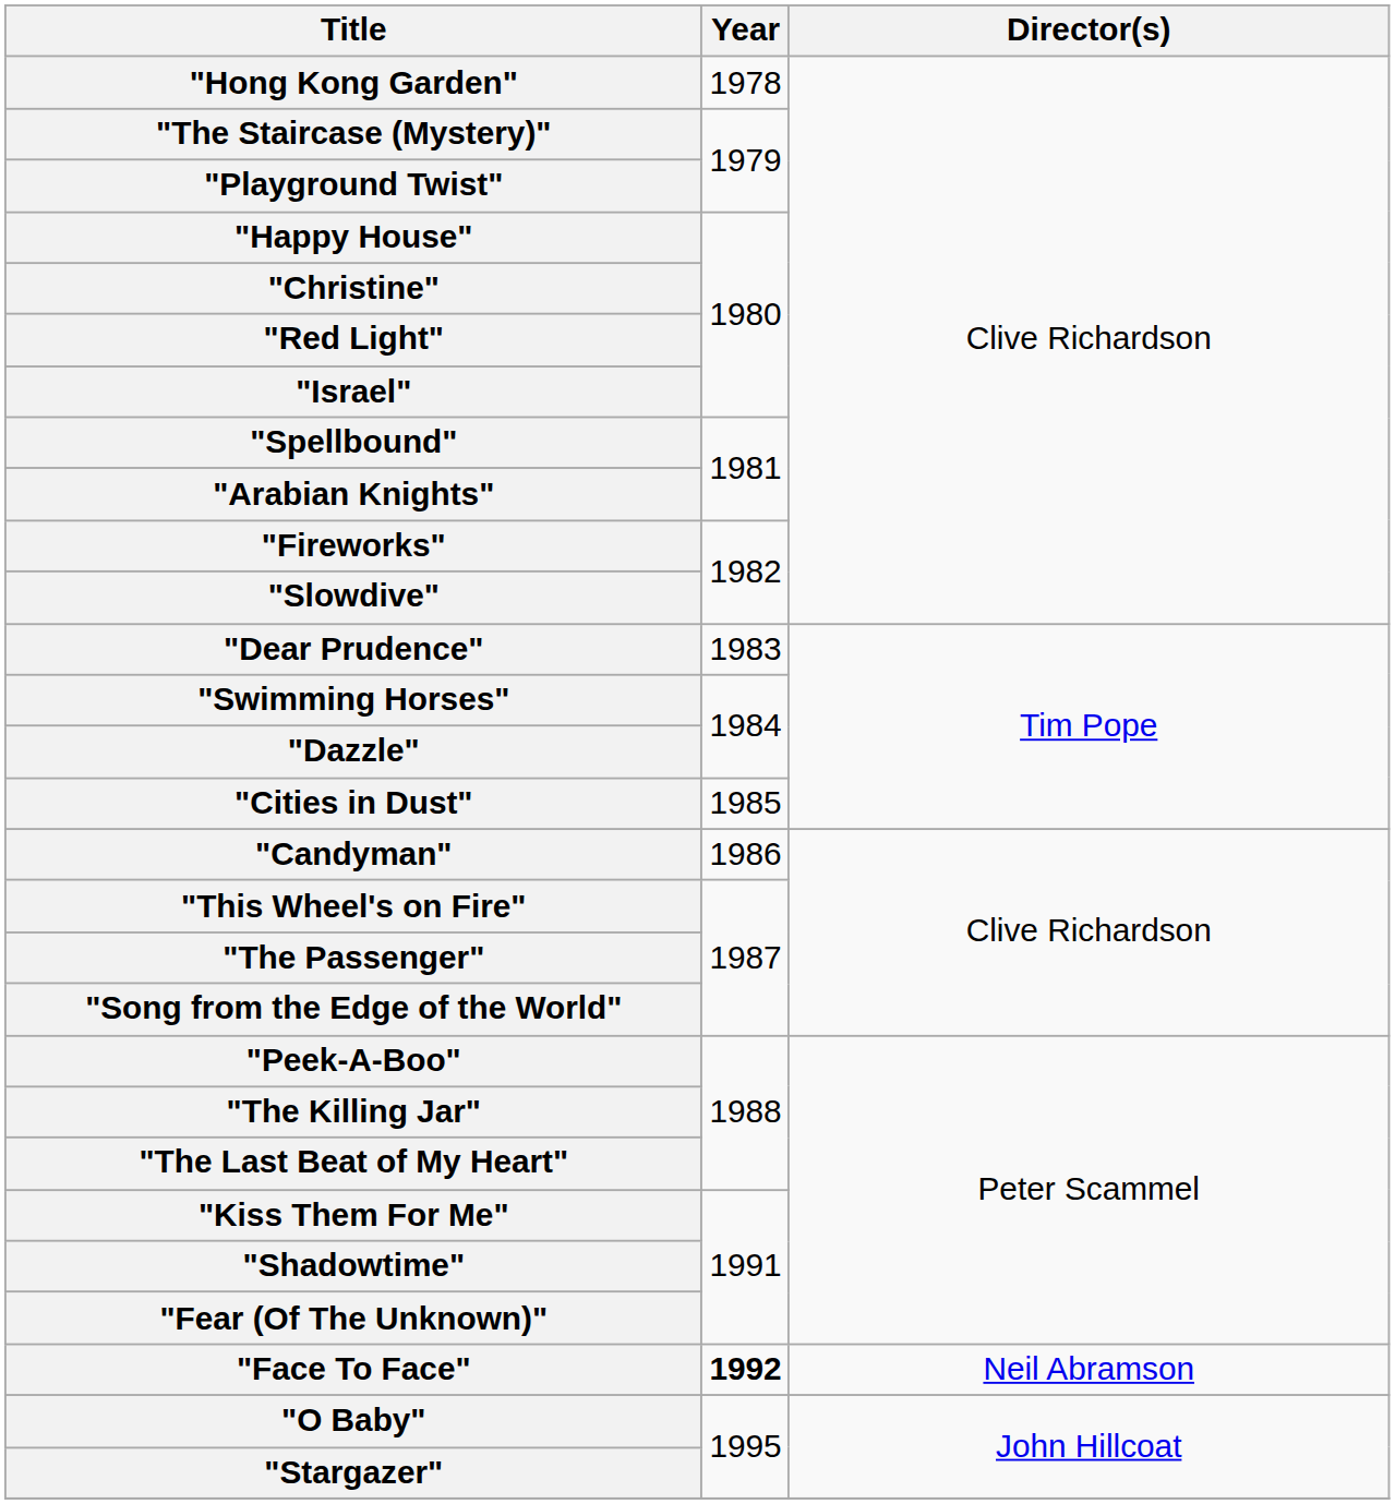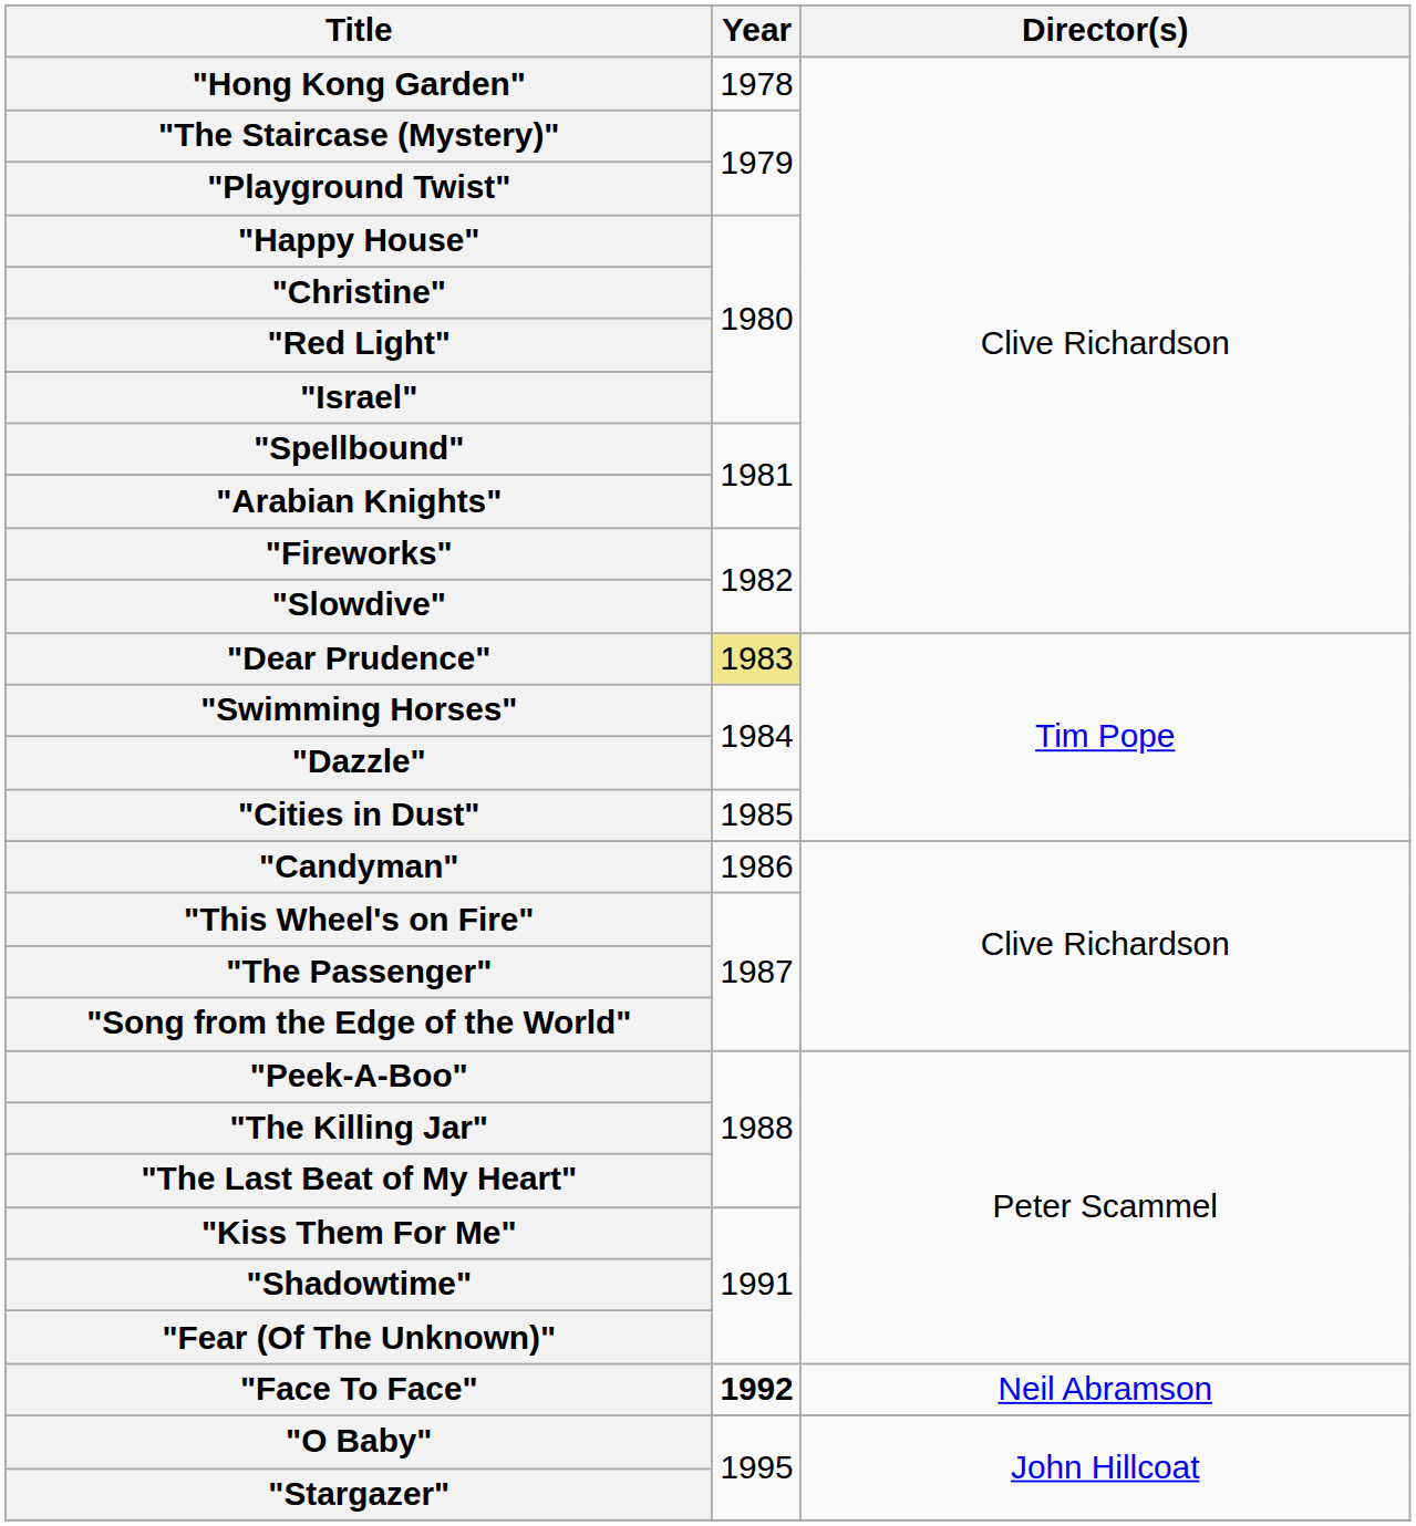 <table class="wikitable plainrowheaders" style="text-align:center;">
 <tr>
 <th scope="col" style="width:21em;">Title</th>
 <th scope="col">Year</th>
 <th scope="col" style="width:18em;">Director(s)</th>
 </tr>
 <tr>
 <th scope="row">"Hong Kong Garden"</th>
 <td>1978</td>
 <td rowspan="11">Clive Richardson</td>
 </tr>
 <tr>
 <th scope="row">"The Staircase (Mystery)"</th>
 <td rowspan="2">1979</td>
 </tr>
 <tr>
 <th scope="row">"Playground Twist"</th>
 </tr>
 <tr>
 <th scope="row">"Happy House"</th>
 <td rowspan="4">1980</td>
 </tr>
 <tr>
 <th scope="row">"Christine"</th>
 </tr>
 <tr>
 <th scope="row">"Red Light"</th>
 </tr>
 <tr>
 <th scope="row">"Israel"</th>
 </tr>
 <tr>
 <th scope="row">"Spellbound"</th>
 <td rowspan="2">1981</td>
 </tr>
 <tr>
 <th scope="row">"Arabian Knights"</th>
 </tr>
 <tr>
 <th scope="row">"Fireworks"</th>
 <td rowspan="2">1982</td>
 </tr>
 <tr>
 <th scope="row">"Slowdive"</th>
 </tr>
 <tr>
 <th scope="row">"Dear Prudence"</th>
-<td>1983</td>
+<td style="background: khaki;">1983</td>
 <td rowspan="4"><a href='#'>Tim Pope</a></td>
 </tr>
 <tr>
 <th scope="row">"Swimming Horses"</th>
 <td rowspan="2">1984</td>
 </tr>
 <tr>
 <th scope="row">"Dazzle"</th>
 </tr>
 <tr>
 <th scope="row">"Cities in Dust"</th>
 <td>1985</td>
 </tr>
 <tr>
 <th scope="row">"Candyman"</th>
 <td>1986</td>
 <td rowspan="4">Clive Richardson</td>
 </tr>
 <tr>
 <th scope="row">"This Wheel's on Fire"</th>
 <td rowspan="3">1987</td>
 </tr>
 <tr>
 <th scope="row">"The Passenger"</th>
 </tr>
 <tr>
 <th scope="row">"Song from the Edge of the World"</th>
 </tr>
 <tr>
 <th scope="row">"Peek-A-Boo"</th>
 <td rowspan="3">1988</td>
 <td rowspan="6">Peter Scammel</td>
 </tr>
 <tr>
 <th scope="row">"The Killing Jar"</th>
 </tr>
 <tr>
 <th scope="row">"The Last Beat of My Heart"</th>
 </tr>
 <tr>
 <th scope="row">"Kiss Them For Me"</th>
 <td rowspan="3">1991</td>
 </tr>
 <tr>
 <th scope="row">"Shadowtime"</th>
 </tr>
 <tr>
 <th scope="row">"Fear (Of The Unknown)"</th>
 </tr>
 <tr>
 <th scope="row">"Face To Face"</th>
 <td><strong>1992</strong></td>
 <td><a href='#'>Neil Abramson</a></td>
 </tr>
 <tr>
 <th scope="row">"O Baby"</th>
 <td rowspan="2">1995</td>
 <td rowspan="2"><a href='#'>John Hillcoat</a></td>
 </tr>
 <tr>
 <th scope="row">"Stargazer"</th>
 </tr>
 <tr>
 </tr>
 </table>
